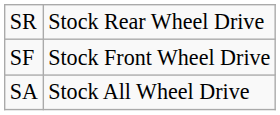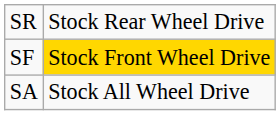 <table class="wikitable">
 <tr>
 <td>SR</td>
 <td>Stock Rear Wheel Drive</td>
 </tr>
 <tr>
 <td>SF</td>
-<td>Stock Front Wheel Drive</td>
+<td style="background: gold;">Stock Front Wheel Drive</td>
 </tr>
 <tr>
 <td>SA</td>
 <td>Stock All Wheel Drive</td>
 </tr>
 </table>
